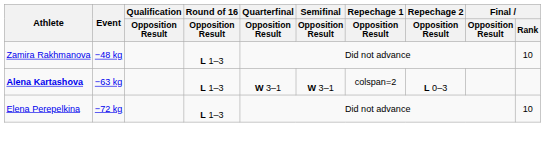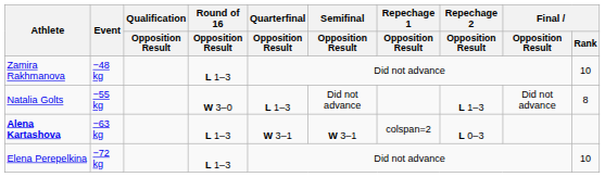 <table class="wikitable" style="font-size:90%">
 <tr>
 <th rowspan="2">Athlete</th>
 <th rowspan="2">Event</th>
 <th>Qualification</th>
 <th>Round of 16</th>
 <th>Quarterfinal</th>
 <th>Semifinal</th>
 <th>Repechage 1</th>
 <th>Repechage 2</th>
 <th colspan=2>Final / </th>
 </tr>
 <tr style="font-size: 95%">
 <th>Opposition<br>Result</th>
 <th>Opposition<br>Result</th>
 <th>Opposition<br>Result</th>
 <th>Opposition<br>Result</th>
 <th>Opposition<br>Result</th>
 <th>Opposition<br>Result</th>
 <th>Opposition<br>Result</th>
 <th>Rank</th>
 </tr>
 <tr align=center>
 <td align=left><a href='#'>Zamira Rakhmanova</a></td>
 <td align=left><a href='#'>−48 kg</a></td>
 <td></td>
 <td><br><strong>L</strong> 1–3 <sup></sup></td>
 <td colspan=5>Did not advance</td>
 <td>10</td>
 </tr>
 <tr align=center>
+<td align=left><a href='#'>Natalia Golts</a></td>
+<td align=left><a href='#'>−55 kg</a></td>
+<td></td>
+<td><br><strong>W</strong> 3–0 <sup></sup></td>
+<td><br><strong>L</strong> 1–3 <sup></sup></td>
+<td>Did not advance</td>
+<td></td>
+<td><br><strong>L</strong> 1–3 <sup></sup></td>
+<td>Did not advance</td>
+<td>8</td>
+</tr>
+<tr align=center>
 <td align=left><strong><a href='#'>Alena Kartashova</a></strong></td>
 <td align=left><a href='#'>−63 kg</a></td>
 <td></td>
 <td><br><strong>L</strong> 1–3 <sup></sup></td>
 <td><br><strong>W</strong> 3–1 <sup></sup></td>
 <td><br><strong>W</strong> 3–1 <sup></sup></td>
 <td>colspan=2 </td>
 <td><br><strong>L</strong> 0–3 <sup></sup></td>
 <td></td>
 </tr>
 <tr align=center>
 <td align=left><a href='#'>Elena Perepelkina</a></td>
 <td align=left><a href='#'>−72 kg</a></td>
 <td></td>
 <td><br><strong>L</strong> 1–3 <sup></sup></td>
 <td colspan=5>Did not advance</td>
 <td>10</td>
 </tr>
 </table>
